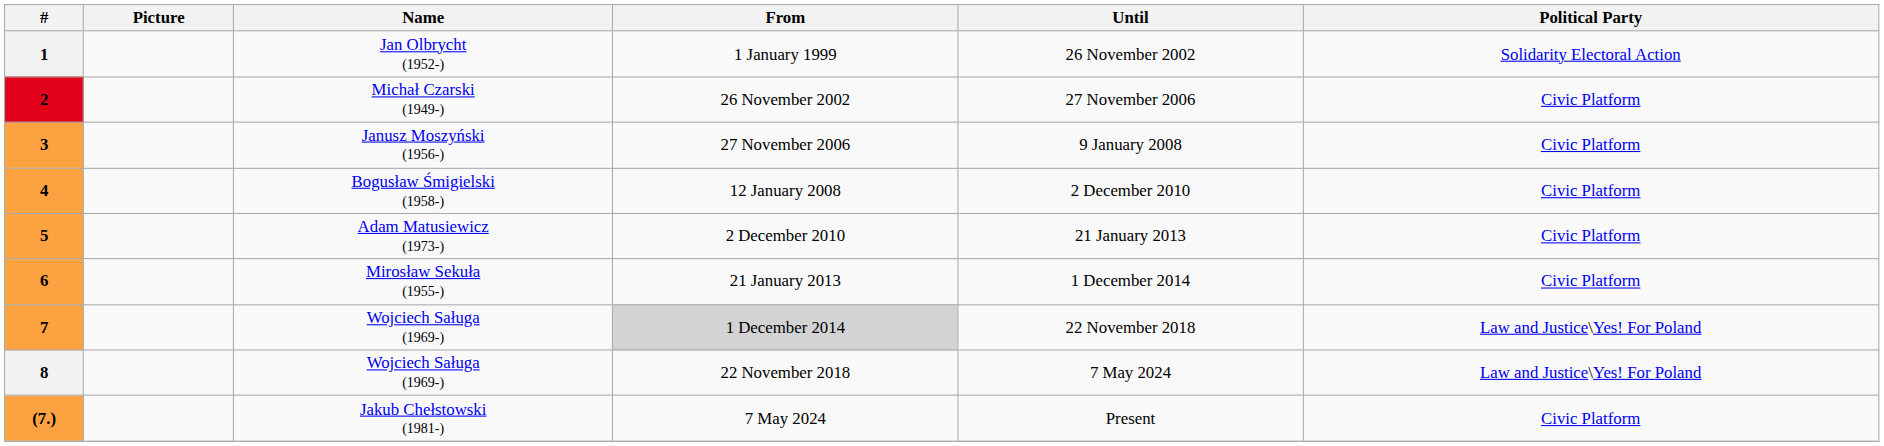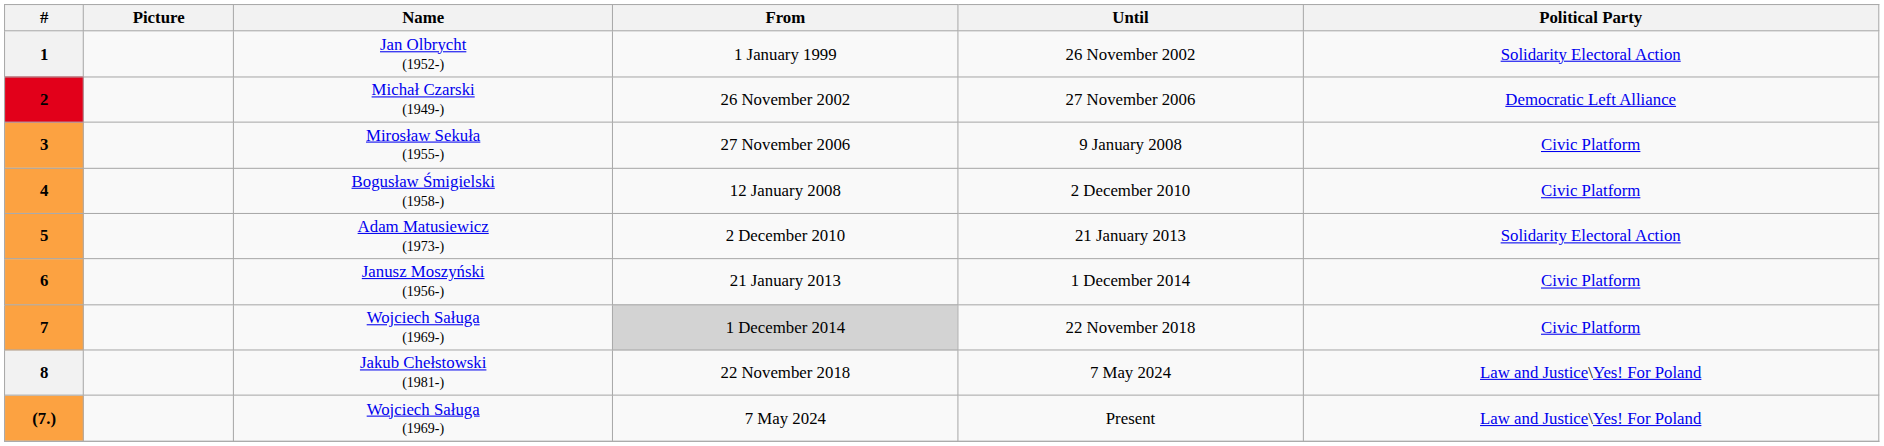 <table class="wikitable" style="width:90%; text-align:center;">
 <tr>
 <th>#</th>
 <th>Picture</th>
 <th>Name</th>
 <th>From</th>
 <th>Until</th>
 <th>Political Party</th>
 </tr>
 <tr>
 <th style="background:#F2F2F2; color:black;">1</th>
 <td></td>
 <td><a href='#'>Jan Olbrycht</a><br><small>(1952-)</small></td>
 <td>1 January 1999</td>
 <td>26 November 2002</td>
 <td><a href='#'>Solidarity Electoral Action</a></td>
 </tr>
 <tr>
 <th style="background:#E2001A; color:black;">2</th>
 <td></td>
 <td><a href='#'>Michał Czarski</a><br><small>(1949-)</small></td>
 <td>26 November 2002</td>
 <td>27 November 2006</td>
-<td><a href='#'>Civic Platform</a></td>
+<td><a href='#'>Democratic Left Alliance</a></td>
 </tr>
 <tr>
 <th style="background:#FCA241; color:black;">3</th>
 <td></td>
-<td><a href='#'>Janusz Moszyński</a><br><small>(1956-)</small></td>
+<td><a href='#'>Mirosław Sekuła</a><br><small>(1955-)</small></td>
 <td>27 November 2006</td>
 <td>9 January 2008</td>
 <td><a href='#'>Civic Platform</a></td>
 </tr>
 <tr>
 <th style="background:#FCA241; color:black;">4</th>
 <td></td>
 <td><a href='#'>Bogusław Śmigielski</a><br><small>(1958-)</small></td>
 <td>12 January 2008</td>
 <td>2 December 2010</td>
 <td><a href='#'>Civic Platform</a></td>
 </tr>
 <tr>
 <th style="background:#FCA241; color:black;">5</th>
 <td></td>
 <td><a href='#'>Adam Matusiewicz</a><br><small>(1973-)</small></td>
 <td>2 December 2010</td>
 <td>21 January 2013</td>
-<td><a href='#'>Civic Platform</a></td>
+<td><a href='#'>Solidarity Electoral Action</a></td>
 </tr>
 <tr>
 <th style="background:#FCA241; color:black;">6</th>
 <td></td>
-<td><a href='#'>Mirosław Sekuła</a><br><small>(1955-)</small></td>
+<td><a href='#'>Janusz Moszyński</a><br><small>(1956-)</small></td>
 <td>21 January 2013</td>
 <td>1 December 2014</td>
 <td><a href='#'>Civic Platform</a></td>
 </tr>
 <tr>
 <th style="background:#FCA241; color:black;">7</th>
 <td></td>
 <td><a href='#'>Wojciech Saługa</a><br><small>(1969-)</small></td>
 <td style="background: lightgrey;">1 December 2014</td>
 <td>22 November 2018</td>
-<td><a href='#'>Law and Justice</a>\<a href='#'>Yes! For Poland</a></td>
+<td><a href='#'>Civic Platform</a></td>
 </tr>
 <tr>
 <th style="background:">8</th>
 <td></td>
-<td><a href='#'>Wojciech Saługa</a><br><small>(1969-)</small></td>
+<td><a href='#'>Jakub Chełstowski</a><br><small>(1981-)</small></td>
 <td>22 November 2018</td>
 <td>7 May 2024</td>
 <td><a href='#'>Law and Justice</a>\<a href='#'>Yes! For Poland</a></td>
 </tr>
 <tr>
 <th style="background:#FCA241; color:black;">(7.)</th>
 <td></td>
-<td><a href='#'>Jakub Chełstowski</a><br><small>(1981-)</small></td>
+<td><a href='#'>Wojciech Saługa</a><br><small>(1969-)</small></td>
 <td>7 May 2024</td>
 <td>Present</td>
-<td><a href='#'>Civic Platform</a></td>
+<td><a href='#'>Law and Justice</a>\<a href='#'>Yes! For Poland</a></td>
 </tr>
 <tr>
 </tr>
 </table>
